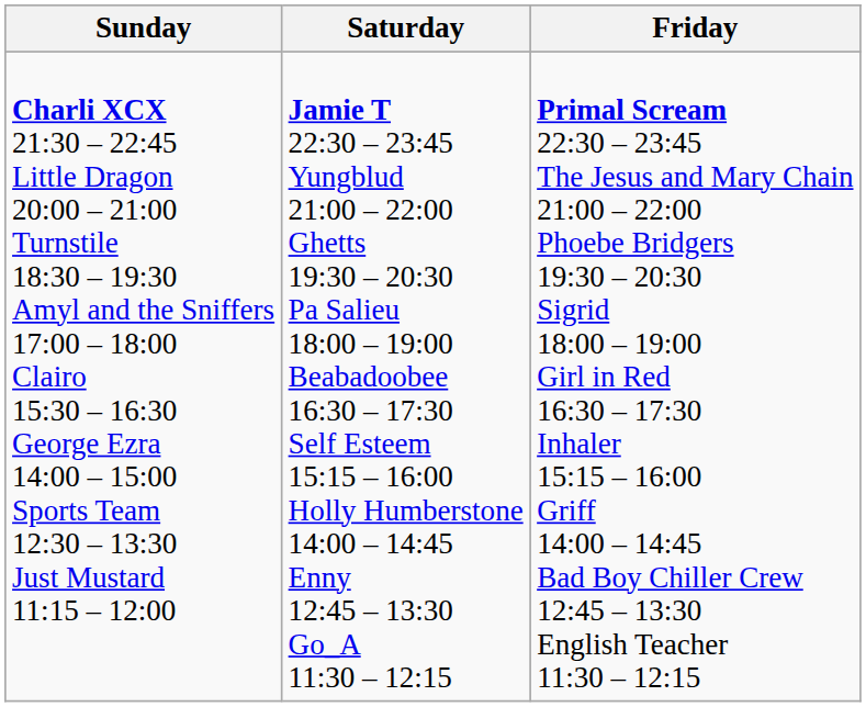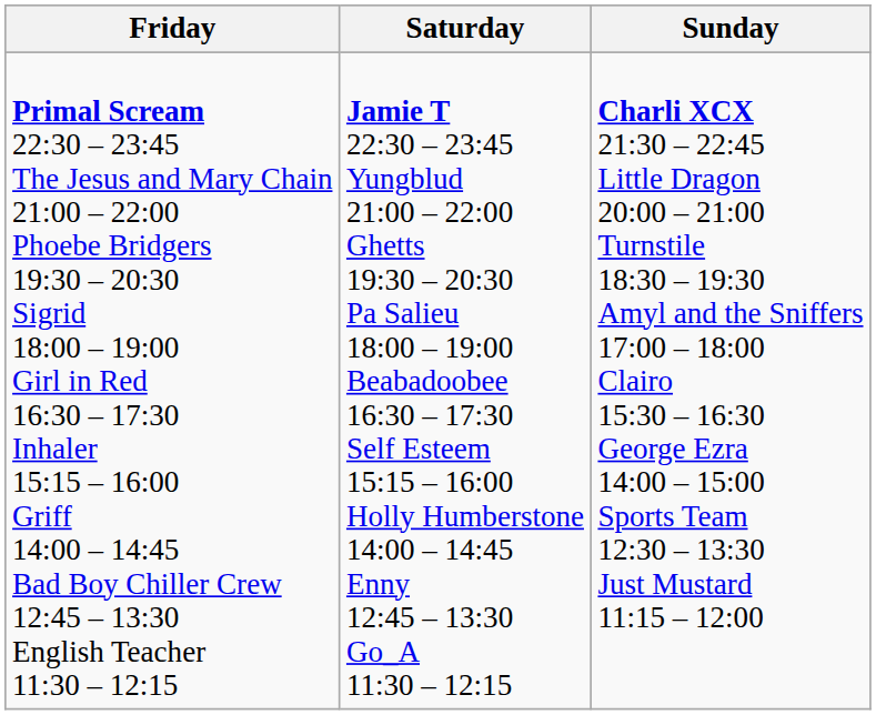 <table class="wikitable">
 <tr>
+<th>Friday</th>
+<th>Saturday</th>
 <th>Sunday</th>
-<th>Saturday</th>
-<th>Friday</th>
 </tr>
 <tr valign="top">
+<td><br><strong><a href='#'>Primal Scream</a></strong> <br>22:30 – 23:45 <br><a href='#'>The Jesus and Mary Chain</a> <br>21:00 – 22:00 <br><a href='#'>Phoebe Bridgers</a> <br>19:30 – 20:30 <br><a href='#'>Sigrid</a> <br>18:00 – 19:00 <br><a href='#'>Girl in Red</a> <br>16:30 – 17:30 <br><a href='#'>Inhaler</a> <br>15:15 – 16:00 <br><a href='#'>Griff</a> <br>14:00 – 14:45 <br><a href='#'>Bad Boy Chiller Crew</a> <br>12:45 – 13:30 <br>English Teacher <br>11:30 – 12:15</td>
+<td><br><strong><a href='#'>Jamie T</a></strong> <br>22:30 – 23:45 <br><a href='#'>Yungblud</a> <br>21:00 – 22:00 <br><a href='#'>Ghetts</a> <br>19:30 – 20:30 <br><a href='#'>Pa Salieu</a> <br>18:00 – 19:00 <br><a href='#'>Beabadoobee</a> <br>16:30 – 17:30 <br><a href='#'>Self Esteem</a> <br>15:15 – 16:00 <br><a href='#'>Holly Humberstone</a> <br>14:00 – 14:45 <br><a href='#'>Enny</a> <br>12:45 – 13:30 <br><a href='#'>Go_A</a> <br>11:30 – 12:15</td>
 <td><br><strong><a href='#'>Charli XCX</a></strong> <br>21:30 – 22:45 <br><a href='#'>Little Dragon</a> <br>20:00 – 21:00 <br><a href='#'>Turnstile</a> <br>18:30 – 19:30 <br><a href='#'>Amyl and the Sniffers</a> <br>17:00 – 18:00 <br><a href='#'>Clairo</a> <br>15:30 – 16:30 <br><a href='#'>George Ezra</a> <br>14:00 – 15:00 <br><a href='#'>Sports Team</a> <br>12:30 – 13:30 <br><a href='#'>Just Mustard</a> <br>11:15 – 12:00</td>
-<td><br><strong><a href='#'>Jamie T</a></strong> <br>22:30 – 23:45 <br><a href='#'>Yungblud</a> <br>21:00 – 22:00 <br><a href='#'>Ghetts</a> <br>19:30 – 20:30 <br><a href='#'>Pa Salieu</a> <br>18:00 – 19:00 <br><a href='#'>Beabadoobee</a> <br>16:30 – 17:30 <br><a href='#'>Self Esteem</a> <br>15:15 – 16:00 <br><a href='#'>Holly Humberstone</a> <br>14:00 – 14:45 <br><a href='#'>Enny</a> <br>12:45 – 13:30 <br><a href='#'>Go_A</a> <br>11:30 – 12:15</td>
-<td><br><strong><a href='#'>Primal Scream</a></strong> <br>22:30 – 23:45 <br><a href='#'>The Jesus and Mary Chain</a> <br>21:00 – 22:00 <br><a href='#'>Phoebe Bridgers</a> <br>19:30 – 20:30 <br><a href='#'>Sigrid</a> <br>18:00 – 19:00 <br><a href='#'>Girl in Red</a> <br>16:30 – 17:30 <br><a href='#'>Inhaler</a> <br>15:15 – 16:00 <br><a href='#'>Griff</a> <br>14:00 – 14:45 <br><a href='#'>Bad Boy Chiller Crew</a> <br>12:45 – 13:30 <br>English Teacher <br>11:30 – 12:15</td>
 </tr>
 </table>
